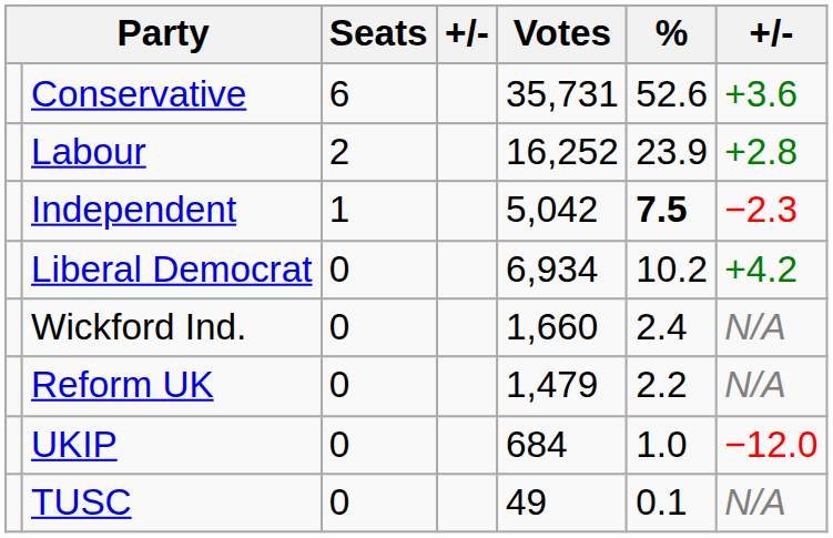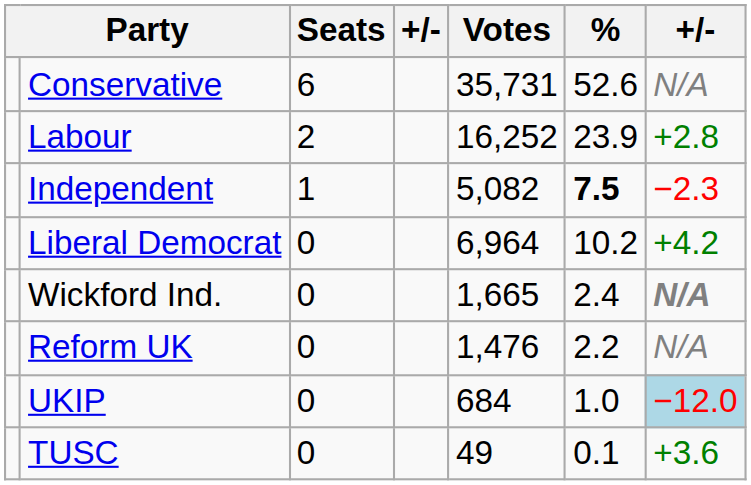 <table class="wikitable sortable">
 <tr>
 <th colspan="2">Party</th>
 <th>Seats</th>
 <th>+/-</th>
 <th>Votes</th>
 <th>%</th>
 <th>+/-</th>
 </tr>
 <tr>
 <td style="background-color: "></td>
 <td><a href='#'>Conservative</a></td>
 <td>6</td>
 <td></td>
 <td>35,731</td>
 <td>52.6</td>
-<td style="color:green">+3.6</td>
+<td style="color:grey"><em>N/A</em></td>
 </tr>
 <tr>
 <td style="background-color: "></td>
 <td><a href='#'>Labour</a></td>
 <td>2</td>
 <td></td>
 <td>16,252</td>
 <td>23.9</td>
 <td style="color:green">+2.8</td>
 </tr>
 <tr>
 <td style="background-color: "></td>
 <td><a href='#'>Independent</a></td>
 <td>1</td>
 <td></td>
-<td>5,042</td>
+<td>5,082</td>
 <td><strong>7.5</strong></td>
 <td style="color:red">−2.3</td>
 </tr>
 <tr>
 <td style="background-color: "></td>
 <td><a href='#'>Liberal Democrat</a></td>
 <td>0</td>
 <td></td>
-<td>6,934</td>
+<td>6,964</td>
 <td>10.2</td>
 <td style="color:green">+4.2</td>
 </tr>
 <tr>
 <td style="background-color: "></td>
 <td>Wickford Ind.</td>
 <td>0</td>
 <td></td>
-<td>1,660</td>
+<td>1,665</td>
 <td>2.4</td>
-<td style="color:grey"><em>N/A</em></td>
+<td style="color:grey"><strong><em>N/A</em></strong></td>
 </tr>
 <tr>
 <td style="background-color: "></td>
 <td><a href='#'>Reform UK</a></td>
 <td>0</td>
 <td></td>
-<td>1,479</td>
+<td>1,476</td>
 <td>2.2</td>
 <td style="color:grey"><em>N/A</em></td>
 </tr>
 <tr>
 <td style="background-color: "></td>
 <td><a href='#'>UKIP</a></td>
 <td>0</td>
 <td></td>
 <td>684</td>
 <td>1.0</td>
-<td style="color:red">−12.0</td>
+<td style="background: lightblue; color:red">−12.0</td>
 </tr>
 <tr>
 <td style="background-color: "></td>
 <td><a href='#'>TUSC</a></td>
 <td>0</td>
 <td></td>
 <td>49</td>
 <td>0.1</td>
-<td style="color:grey"><em>N/A</em></td>
+<td style="color:green">+3.6</td>
 </tr>
 </table>
